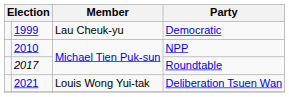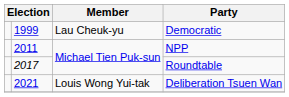 <table class="wikitable">
 <tr>
 <th colspan="2">Election</th>
 <th>Member</th>
 <th>Party</th>
 </tr>
 <tr>
 <td style="background-color: "></td>
 <td><a href='#'>1999</a></td>
 <td>Lau Cheuk-yu</td>
 <td><a href='#'>Democratic</a></td>
 </tr>
 <tr>
 <td style="background-color: "></td>
-<td><a href='#'>2010</a></td>
+<td><a href='#'>2011</a></td>
 <td rowspan=2><a href='#'>Michael Tien Puk-sun</a></td>
 <td><a href='#'>NPP</a></td>
 </tr>
 <tr>
 <td style="background-color: "></td>
 <td><em>2017</em></td>
 <td><a href='#'>Roundtable</a></td>
 </tr>
 <tr>
 <td style="background-color: "></td>
 <td><a href='#'>2021</a></td>
 <td>Louis Wong Yui-tak</td>
 <td><a href='#'>Deliberation Tsuen Wan</a></td>
 </tr>
 <tr>
 </tr>
 </table>
